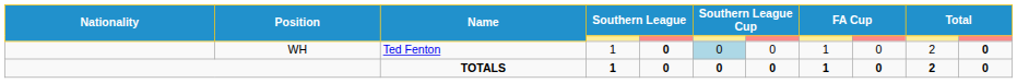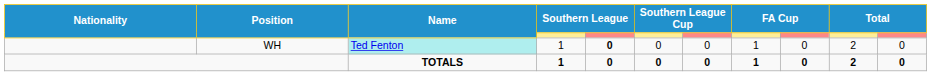 <table class="wikitable" style="text-align:center; font-size:90%; width:100%;">
 <tr>
 <th rowspan="2" style="background:#2191CC; color:white; border:1px solid #F7C408; text-align:center;">Nationality</th>
 <th rowspan="2" style="background:#2191CC; color:white; border:1px solid #F7C408; text-align:center;">Position</th>
 <th rowspan="2" style="background:#2191CC; color:white; border:1px solid #F7C408; text-align:center;">Name</th>
 <th colspan="2" style="background:#2191CC; color:white; border:1px solid #F7C408; text-align:center;">Southern League</th>
 <th colspan="2" style="background:#2191CC; color:white; border:1px solid #F7C408; text-align:center;">Southern League Cup</th>
 <th colspan="2" style="background:#2191CC; color:white; border:1px solid #F7C408; text-align:center;">FA Cup</th>
 <th colspan="2" style="background:#2191CC; color:white; border:1px solid #F7C408; text-align:center;">Total</th>
 </tr>
 <tr>
 <th width=60 style="background: #FFEE99"></th>
 <th width=60 style="background: #FF8888"></th>
 <th width=60 style="background: #FFEE99"></th>
 <th width=60 style="background: #FF8888"></th>
 <th width=60 style="background: #FFEE99"></th>
 <th width=60 style="background: #FF8888"></th>
 <th width=60 style="background: #FFEE99"></th>
 <th width=60 style="background: #FF8888"></th>
 </tr>
 <tr>
 <td></td>
 <td>WH</td>
-<td align="left"><a href='#'>Ted Fenton</a></td>
+<td align="left" style="background: paleturquoise;"><a href='#'>Ted Fenton</a></td>
 <td>1</td>
 <td><strong>0</strong></td>
-<td style="background: lightblue;">0</td>
+<td>0</td>
 <td>0</td>
 <td>1</td>
 <td>0</td>
 <td>2</td>
-<td><strong>0</strong></td>
+<td>0</td>
 </tr>
 <tr>
 <td colspan="2"></td>
 <td><strong>TOTALS</strong></td>
 <td><strong>1</strong></td>
 <td><strong>0</strong></td>
 <td><strong>0</strong></td>
 <td><strong>0</strong></td>
 <td><strong>1</strong></td>
 <td><strong>0</strong></td>
 <td><strong>2</strong></td>
 <td><strong>0</strong></td>
 </tr>
 </table>
